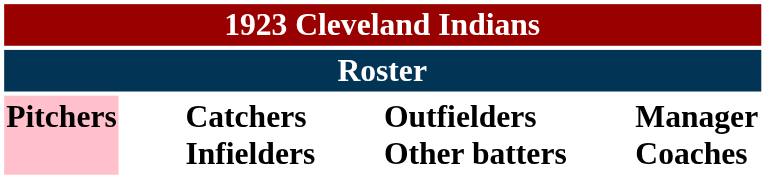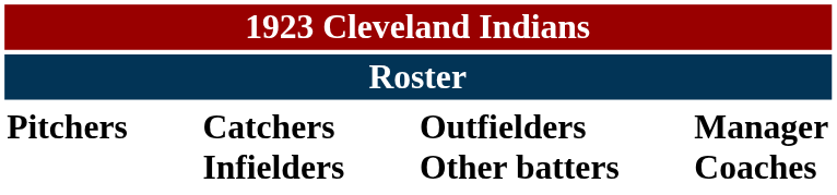 <table class="toccolours" style="font-size: 95%;">
 <tr>
 <th colspan="10" style="background-color: #990000; color: white; text-align: center;">1923 Cleveland Indians</th>
 </tr>
 <tr>
 <td colspan="10" style="background-color: #023456; color: white; text-align: center;"><strong>Roster</strong></td>
 </tr>
 <tr>
-<td valign="top" style="background: pink;"><strong>Pitchers</strong><br>              </td>
+<td valign="top"><strong>Pitchers</strong><br>              </td>
 <td width="25px"></td>
 <td valign="top"><strong>Catchers</strong><br>   <strong>Infielders</strong>        </td>
 <td width="25px"></td>
 <td valign="top"><strong>Outfielders</strong><br>        <strong>Other batters</strong> </td>
 <td width="25px"></td>
 <td valign="top"><strong>Manager</strong><br> <strong>Coaches</strong>  </td>
 </tr>
 </table>
